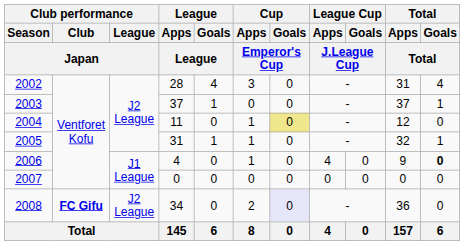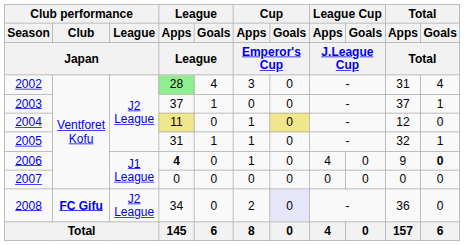 <table class="wikitable" style="text-align:center;">
 <tr>
 <th colspan=3>Club performance</th>
 <th colspan=2>League</th>
 <th colspan=2>Cup</th>
 <th colspan=2>League Cup</th>
 <th colspan=2>Total</th>
 </tr>
 <tr>
 <th>Season</th>
 <th>Club</th>
 <th>League</th>
 <th>Apps</th>
 <th>Goals</th>
 <th>Apps</th>
 <th>Goals</th>
 <th>Apps</th>
 <th>Goals</th>
 <th>Apps</th>
 <th>Goals</th>
 </tr>
 <tr>
 <th colspan=3>Japan</th>
 <th colspan=2>League</th>
 <th colspan=2><a href='#'>Emperor's Cup</a></th>
 <th colspan=2><a href='#'>J.League Cup</a></th>
 <th colspan=2>Total</th>
 </tr>
 <tr>
 <td><a href='#'>2002</a></td>
 <td rowspan="6"><a href='#'>Ventforet Kofu</a></td>
 <td rowspan="4"><a href='#'>J2 League</a></td>
-<td>28</td>
+<td style="background: lightgreen;">28</td>
 <td>4</td>
 <td>3</td>
 <td>0</td>
 <td colspan="2">-</td>
 <td>31</td>
 <td>4</td>
 </tr>
 <tr>
 <td><a href='#'>2003</a></td>
 <td>37</td>
 <td>1</td>
 <td>0</td>
 <td>0</td>
 <td colspan="2">-</td>
 <td>37</td>
 <td>1</td>
 </tr>
 <tr>
 <td><a href='#'>2004</a></td>
-<td>11</td>
+<td style="background: khaki;">11</td>
 <td>0</td>
 <td>1</td>
 <td style="background: khaki;">0</td>
 <td colspan="2">-</td>
 <td>12</td>
 <td>0</td>
 </tr>
 <tr>
 <td><a href='#'>2005</a></td>
 <td>31</td>
 <td>1</td>
 <td>1</td>
 <td>0</td>
 <td colspan="2">-</td>
 <td>32</td>
 <td>1</td>
 </tr>
 <tr>
 <td><a href='#'>2006</a></td>
 <td rowspan="2"><a href='#'>J1 League</a></td>
-<td>4</td>
+<td><strong>4</strong></td>
 <td>0</td>
 <td>1</td>
 <td>0</td>
 <td>4</td>
 <td>0</td>
 <td>9</td>
 <td><strong>0</strong></td>
 </tr>
 <tr>
 <td><a href='#'>2007</a></td>
 <td>0</td>
 <td>0</td>
 <td>0</td>
 <td>0</td>
 <td>0</td>
 <td>0</td>
 <td>0</td>
 <td>0</td>
 </tr>
 <tr>
 <td><a href='#'>2008</a></td>
 <td><strong><a href='#'>FC Gifu</a></strong></td>
 <td><a href='#'>J2 League</a></td>
 <td>34</td>
 <td>0</td>
 <td>2</td>
 <td style="background: lavender;">0</td>
 <td colspan="2">-</td>
 <td>36</td>
 <td>0</td>
 </tr>
 <tr>
 <th colspan=3>Total</th>
 <th>145</th>
 <th>6</th>
 <th>8</th>
 <th>0</th>
 <th>4</th>
 <th>0</th>
 <th>157</th>
 <th>6</th>
 </tr>
 </table>
